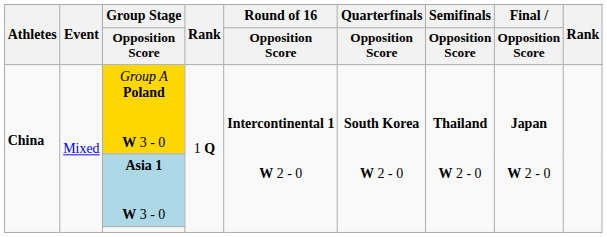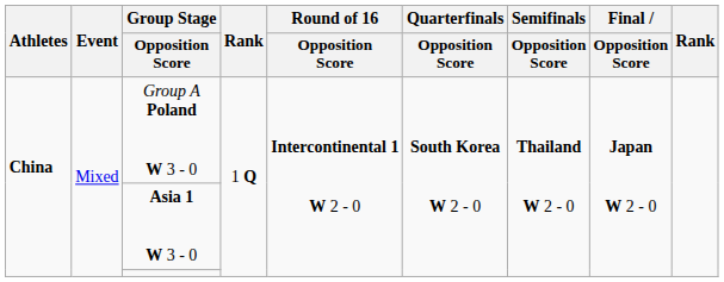 <table class=wikitable style="font-size:90%">
 <tr>
 <th rowspan="2">Athletes</th>
 <th rowspan="2">Event</th>
 <th>Group Stage</th>
 <th rowspan="2">Rank</th>
 <th>Round of 16</th>
 <th>Quarterfinals</th>
 <th>Semifinals</th>
 <th>Final / </th>
 <th rowspan=2>Rank</th>
 </tr>
 <tr style="font-size:95%">
 <th>Opposition<br>Score</th>
 <th>Opposition<br>Score</th>
 <th>Opposition<br>Score</th>
 <th>Opposition<br>Score</th>
 <th>Opposition<br>Score</th>
 </tr>
 <tr align=center>
 <td align=left rowspan=3><strong>China</strong><br><br></td>
 <td align=left rowspan=3><a href='#'>Mixed</a></td>
-<td style="background: gold;"><em>Group A</em><br><strong>Poland</strong><br><br><br><strong>W</strong> 3 - 0</td>
+<td><em>Group A</em><br><strong>Poland</strong><br><br><br><strong>W</strong> 3 - 0</td>
 <td rowspan=3>1 <strong>Q</strong></td>
 <td rowspan=3><strong>Intercontinental 1</strong><br><br><br><strong>W</strong> 2 - 0</td>
 <td rowspan=3><strong>South Korea</strong><br><br><br><strong>W</strong> 2 - 0</td>
 <td rowspan=3><strong>Thailand</strong><br><br><br><strong>W</strong> 2 - 0</td>
 <td rowspan=3><strong>Japan</strong><br><br><br><strong>W</strong> 2 - 0</td>
 <td rowspan=3></td>
 </tr>
 <tr align=center>
-<td style="background: lightblue;"><strong>Asia 1</strong><br><br><br><strong>W</strong> 3 - 0</td>
+<td><strong>Asia 1</strong><br><br><br><strong>W</strong> 3 - 0</td>
 </tr>
 <tr align=center>
 <td></td>
 </tr>
 </table>
